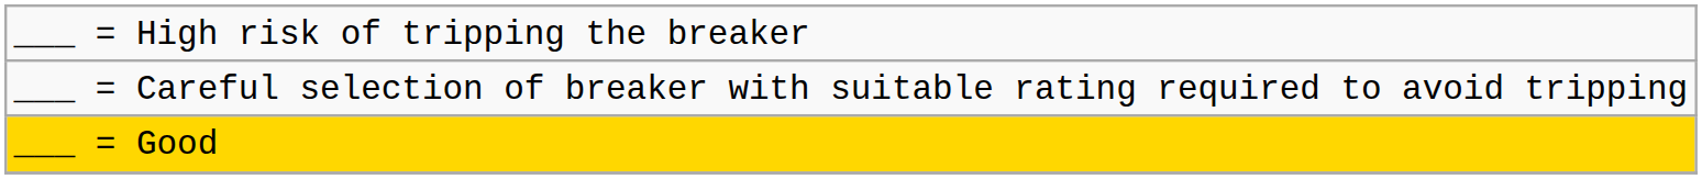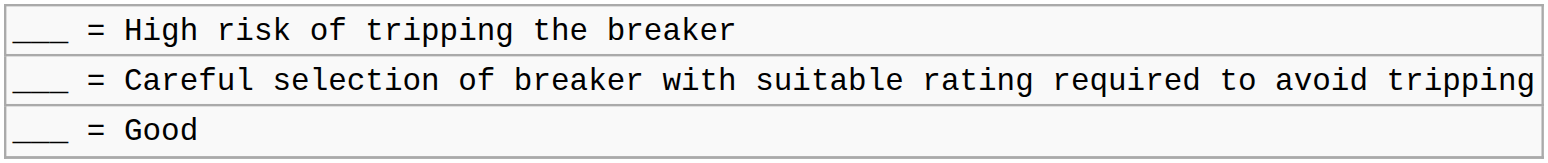 <table BORDER="0" class="wikitable" style="text-align:left">
 <tr>
 <td><span><strong>___</strong></span> = High risk of tripping the breaker</td>
 </tr>
 <tr>
 <td><span><strong>___</strong></span> = Careful selection of breaker with suitable rating required to avoid tripping</td>
 </tr>
 <tr>
-<td style="background: gold;"><span><strong>___</strong></span> = Good</td>
+<td><span><strong>___</strong></span> = Good</td>
 </tr>
 <tr>
 </tr>
 </table>
